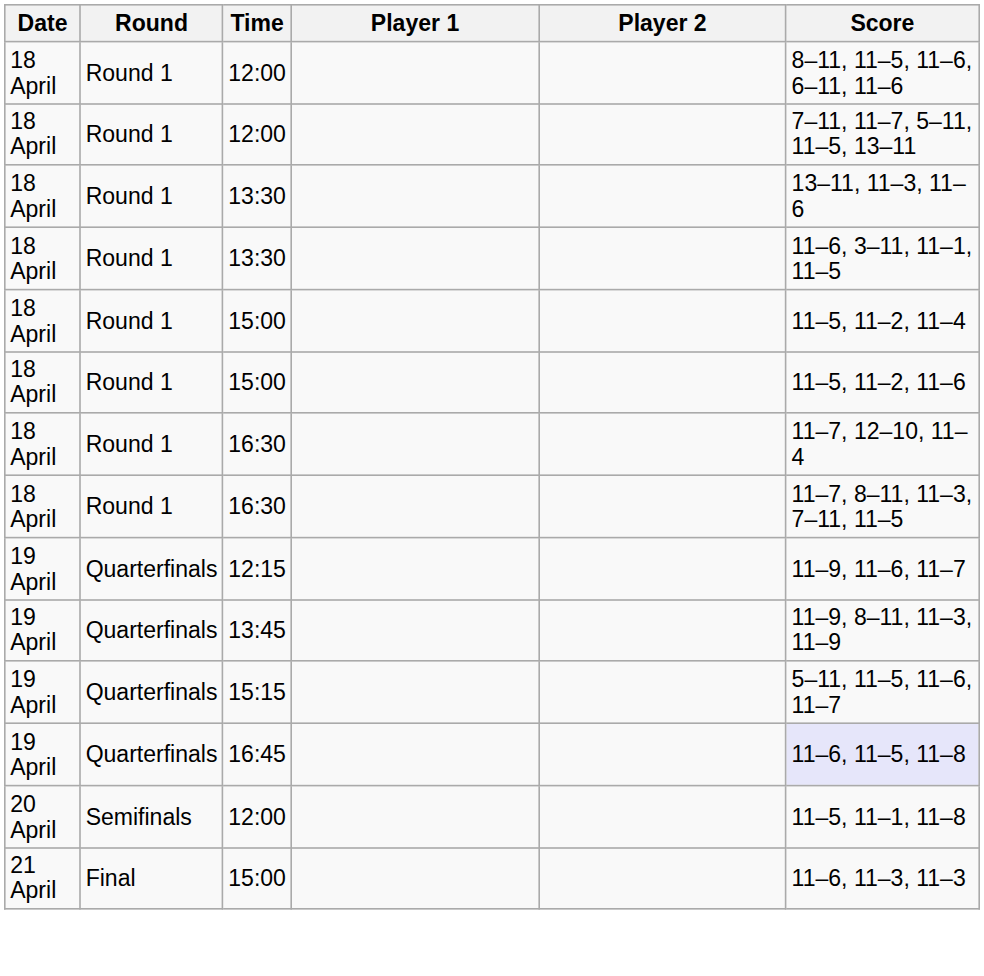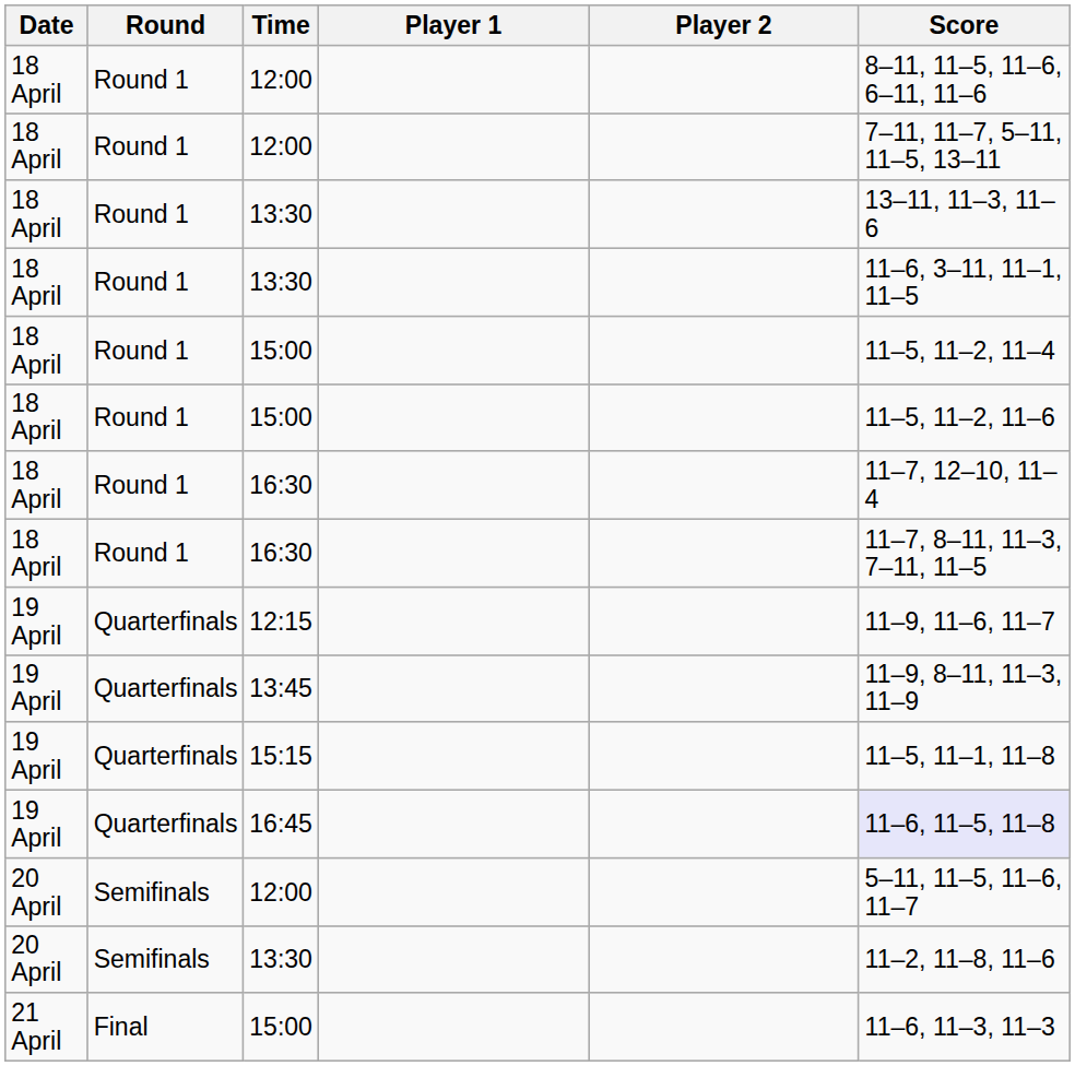 <table class="sortable wikitable" style="font-size:90%">
 <tr>
 <th width="45" class="unsortable">Date</th>
 <th width="55">Round</th>
 <th width="30">Time</th>
 <th width="200">Player 1</th>
 <th width="200">Player 2</th>
 <th width="150" class="unsortable">Score</th>
 </tr>
 <tr>
 <td>18 April</td>
 <td>Round 1</td>
 <td>12:00</td>
 <td><strong></strong></td>
 <td></td>
 <td>8–11, 11–5, 11–6, 6–11, 11–6</td>
 </tr>
 <tr>
 <td>18 April</td>
 <td>Round 1</td>
 <td>12:00</td>
 <td><strong></strong></td>
 <td></td>
 <td>7–11, 11–7, 5–11, 11–5, 13–11</td>
 </tr>
 <tr>
 <td>18 April</td>
 <td>Round 1</td>
 <td>13:30</td>
 <td><strong></strong></td>
 <td></td>
 <td>13–11, 11–3, 11–6</td>
 </tr>
 <tr>
 <td>18 April</td>
 <td>Round 1</td>
 <td>13:30</td>
 <td></td>
 <td><strong></strong></td>
 <td>11–6, 3–11, 11–1, 11–5</td>
 </tr>
 <tr>
 <td>18 April</td>
 <td>Round 1</td>
 <td>15:00</td>
 <td><strong></strong></td>
 <td></td>
 <td>11–5, 11–2, 11–4</td>
 </tr>
 <tr>
 <td>18 April</td>
 <td>Round 1</td>
 <td>15:00</td>
 <td></td>
 <td><strong></strong></td>
 <td>11–5, 11–2, 11–6</td>
 </tr>
 <tr>
 <td>18 April</td>
 <td>Round 1</td>
 <td>16:30</td>
 <td></td>
 <td><strong></strong></td>
 <td>11–7, 12–10, 11–4</td>
 </tr>
 <tr>
 <td>18 April</td>
 <td>Round 1</td>
 <td>16:30</td>
 <td></td>
 <td><strong></strong></td>
 <td>11–7, 8–11, 11–3, 7–11, 11–5</td>
 </tr>
 <tr>
 <td>19 April</td>
 <td>Quarterfinals</td>
 <td>12:15</td>
 <td><strong></strong></td>
 <td></td>
 <td>11–9, 11–6, 11–7</td>
 </tr>
 <tr>
 <td>19 April</td>
 <td>Quarterfinals</td>
 <td>13:45</td>
 <td></td>
 <td><strong></strong></td>
 <td>11–9, 8–11, 11–3, 11–9</td>
 </tr>
 <tr>
 <td>19 April</td>
 <td>Quarterfinals</td>
 <td>15:15</td>
 <td></td>
 <td><strong></strong></td>
-<td>5–11, 11–5, 11–6, 11–7</td>
+<td>11–5, 11–1, 11–8</td>
 </tr>
 <tr>
 <td>19 April</td>
 <td>Quarterfinals</td>
 <td>16:45</td>
 <td><strong></strong></td>
 <td></td>
 <td style="background: lavender;">11–6, 11–5, 11–8</td>
 </tr>
 <tr>
 <td>20 April</td>
 <td>Semifinals</td>
 <td>12:00</td>
 <td></td>
 <td><strong></strong></td>
-<td>11–5, 11–1, 11–8</td>
+<td>5–11, 11–5, 11–6, 11–7</td>
+</tr>
+<tr>
+<td>20 April</td>
+<td>Semifinals</td>
+<td>13:30</td>
+<td></td>
+<td><strong></strong></td>
+<td>11–2, 11–8, 11–6</td>
 </tr>
 <tr>
 <td>21 April</td>
 <td>Final</td>
 <td>15:00</td>
 <td><strong></strong></td>
 <td></td>
 <td>11–6, 11–3, 11–3</td>
 </tr>
 </table>
